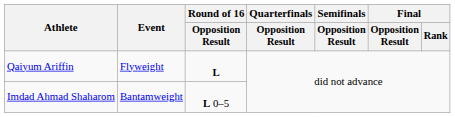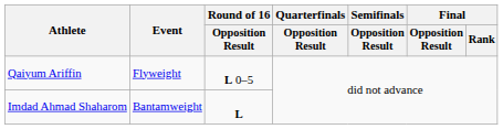 <table class="wikitable" style="font-size:90%; text-align:center">
 <tr>
 <th rowspan=2>Athlete</th>
 <th rowspan=2>Event</th>
 <th>Round of 16</th>
 <th>Quarterfinals</th>
 <th>Semifinals</th>
 <th colspan=2>Final</th>
 </tr>
 <tr style="font-size:95%">
 <th>Opposition<br>Result</th>
 <th>Opposition<br>Result</th>
 <th>Opposition<br>Result</th>
 <th>Opposition<br>Result</th>
 <th>Rank</th>
 </tr>
 <tr>
 <td style="text-align:left"><a href='#'>Qaiyum Ariffin</a></td>
 <td style="text-align:left"><a href='#'>Flyweight</a></td>
-<td><br><strong>L</strong> </td>
+<td><br><strong>L</strong> 0–5</td>
 <td colspan=4 rowspan=2>did not advance</td>
 </tr>
 <tr>
 <td style="text-align:left"><a href='#'>Imdad Ahmad Shaharom</a></td>
 <td style="text-align:left"><a href='#'>Bantamweight</a></td>
-<td><br><strong>L</strong> 0–5</td>
+<td><br><strong>L</strong> </td>
 </tr>
 </table>
